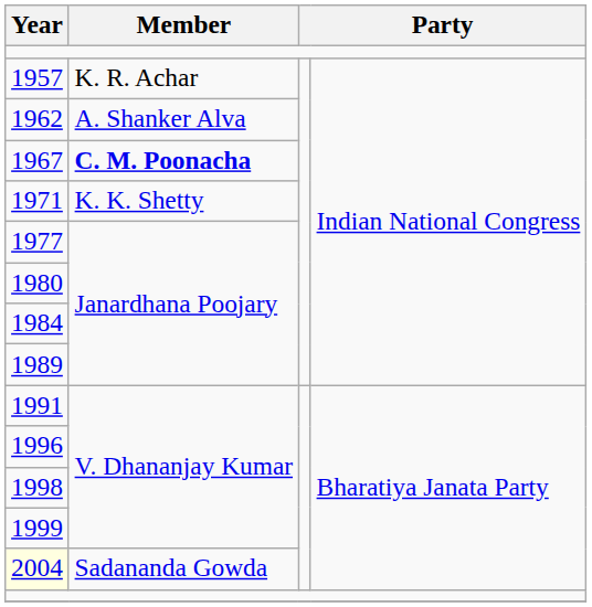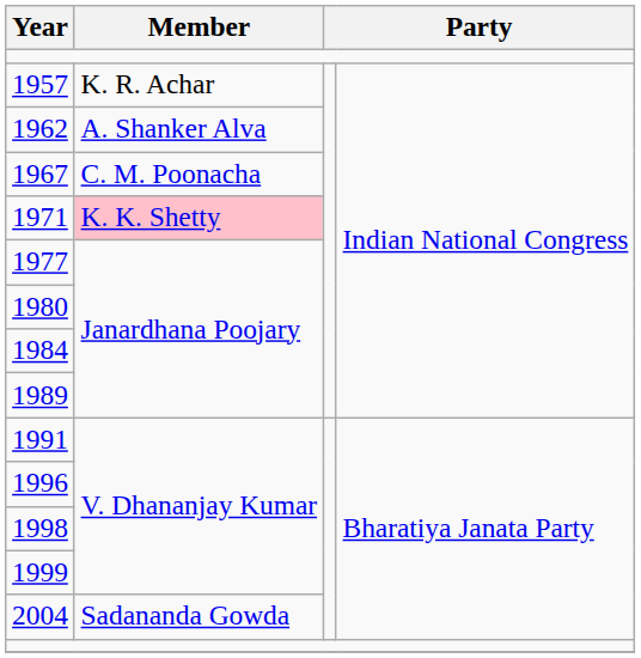 <table class="wikitable">
 <tr>
 <th>Year</th>
 <th>Member</th>
 <th colspan="2">Party</th>
 </tr>
 <tr>
 <td colspan="4"></td>
 </tr>
 <tr>
 <td><a href='#'>1957</a></td>
 <td>K. R. Achar</td>
 <td rowspan="8" style="background-color: "></td>
 <td rowspan="8"><a href='#'>Indian National Congress</a></td>
 </tr>
 <tr>
 <td><a href='#'>1962</a></td>
 <td><a href='#'>A. Shanker Alva</a></td>
 </tr>
 <tr>
 <td><a href='#'>1967</a></td>
-<td><strong><a href='#'>C. M. Poonacha</a></strong></td>
+<td><a href='#'>C. M. Poonacha</a></td>
 </tr>
 <tr>
 <td><a href='#'>1971</a></td>
-<td><a href='#'>K. K. Shetty</a></td>
+<td style="background: pink;"><a href='#'>K. K. Shetty</a></td>
 </tr>
 <tr>
 <td><a href='#'>1977</a></td>
 <td rowspan=4><a href='#'>Janardhana Poojary</a></td>
 </tr>
 <tr>
 <td><a href='#'>1980</a></td>
 </tr>
 <tr>
 <td><a href='#'>1984</a></td>
 </tr>
 <tr>
 <td><a href='#'>1989</a></td>
 </tr>
 <tr>
 <td><a href='#'>1991</a></td>
 <td rowspan="4"><a href='#'>V. Dhananjay Kumar</a></td>
 <td rowspan="5" style="background-color: "></td>
 <td rowspan="5"><a href='#'>Bharatiya Janata Party</a></td>
 </tr>
 <tr>
 <td><a href='#'>1996</a></td>
 </tr>
 <tr>
 <td><a href='#'>1998</a></td>
 </tr>
 <tr>
 <td><a href='#'>1999</a></td>
 </tr>
 <tr>
-<td style="background: lightyellow;"><a href='#'>2004</a></td>
+<td><a href='#'>2004</a></td>
 <td><a href='#'>Sadananda Gowda</a></td>
 </tr>
 <tr>
 <td colspan="4"></td>
 </tr>
 <tr>
 </tr>
 </table>
